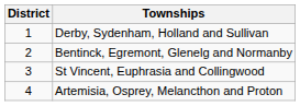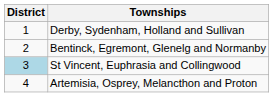 <table class="wikitable">
 <tr>
 <th>District</th>
 <th>Townships</th>
 </tr>
 <tr>
 <td style="text-align:center;">1</td>
 <td>Derby, Sydenham, Holland and Sullivan</td>
 </tr>
 <tr>
 <td style="text-align:center;">2</td>
 <td>Bentinck, Egremont, Glenelg and Normanby</td>
 </tr>
 <tr>
-<td style="text-align:center;">3</td>
+<td style="background: lightblue; text-align:center;">3</td>
 <td>St Vincent, Euphrasia and Collingwood</td>
 </tr>
 <tr>
 <td style="text-align:center;">4</td>
 <td>Artemisia, Osprey, Melancthon and Proton</td>
 </tr>
 </table>
